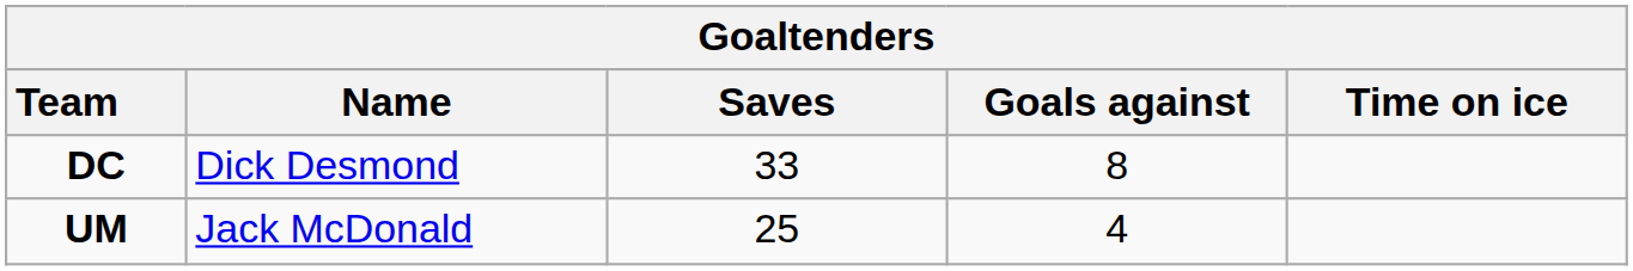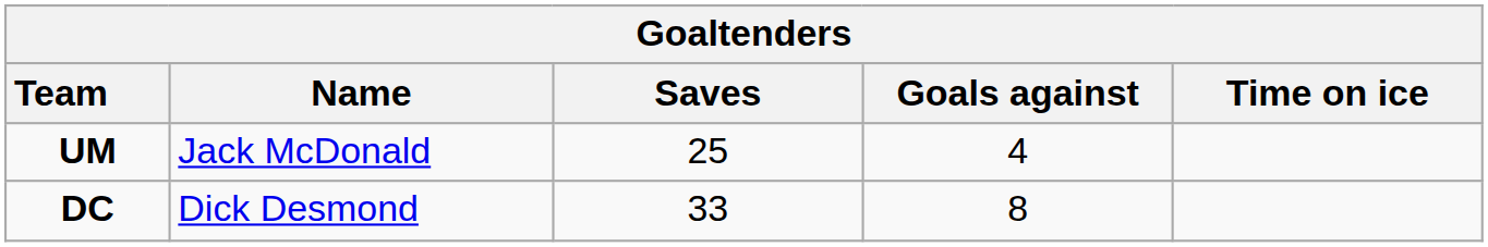 <table class="wikitable" style="width:40em; text-align:right;">
 <tr>
 <th colspan=5>Goaltenders</th>
 </tr>
 <tr>
 <th style="width:4em; text-align:left;">Team</th>
 <th style="width:10em;">Name</th>
 <th style="width:8em;">Saves</th>
 <th style="width:8em;">Goals against</th>
 <th style="width:8em;">Time on ice</th>
 </tr>
 <tr>
+<td align=center><strong>UM</strong></td>
+<td style="text-align:left;"><a href='#'>Jack McDonald</a></td>
+<td align=center>25</td>
+<td align=center>4</td>
+<td align=center></td>
+</tr>
+<tr>
 <td align=center><strong>DC</strong></td>
 <td style="text-align:left;"><a href='#'>Dick Desmond</a></td>
 <td align=center>33</td>
 <td align=center>8</td>
 <td align=center></td>
 </tr>
-<tr>
-<td align=center><strong>UM</strong></td>
-<td style="text-align:left;"><a href='#'>Jack McDonald</a></td>
-<td align=center>25</td>
-<td align=center>4</td>
-<td align=center></td>
-</tr>
 </table>
